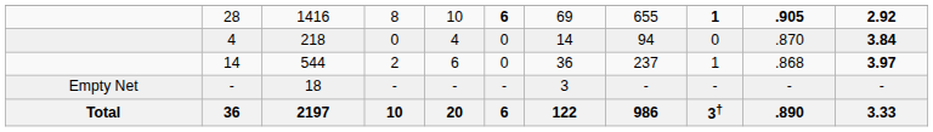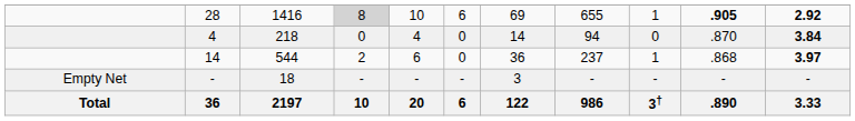 <table class="wikitable sortable" width ="1000">
 <tr align="center">
 </tr>
 <tr align="center">
 <td></td>
 <td>28</td>
 <td>1416</td>
-<td>8</td>
+<td style="background: lightgrey;">8</td>
 <td>10</td>
-<td><strong>6</strong></td>
+<td>6</td>
 <td>69</td>
 <td>655</td>
-<td><strong>1</strong></td>
+<td>1</td>
 <td><strong>.905</strong></td>
 <td><strong>2.92</strong></td>
 </tr>
 <tr align="center" bgcolor="#f0f0f0">
 <td></td>
 <td>4</td>
 <td>218</td>
 <td>0</td>
 <td>4</td>
 <td>0</td>
 <td>14</td>
 <td>94</td>
 <td>0</td>
 <td>.870</td>
 <td><strong>3.84</strong></td>
 </tr>
 <tr align="center" bgcolor="">
 <td></td>
 <td>14</td>
 <td>544</td>
 <td>2</td>
 <td>6</td>
 <td>0</td>
 <td>36</td>
 <td>237</td>
 <td>1</td>
 <td>.868</td>
 <td><strong>3.97</strong></td>
 </tr>
 <tr align="center" bgcolor="#f0f0f0">
 <td>Empty Net</td>
 <td>-</td>
 <td>18</td>
 <td>-</td>
 <td>-</td>
 <td>-</td>
 <td>3</td>
 <td>-</td>
 <td>-</td>
 <td>-</td>
 <td>-</td>
 </tr>
 <tr>
 <th>Total</th>
 <th>36</th>
 <th>2197</th>
 <th>10</th>
 <th>20</th>
 <th>6</th>
 <th>122</th>
 <th>986</th>
 <th>3<sup>†</sup></th>
 <th>.890</th>
 <th>3.33</th>
 </tr>
 </table>
